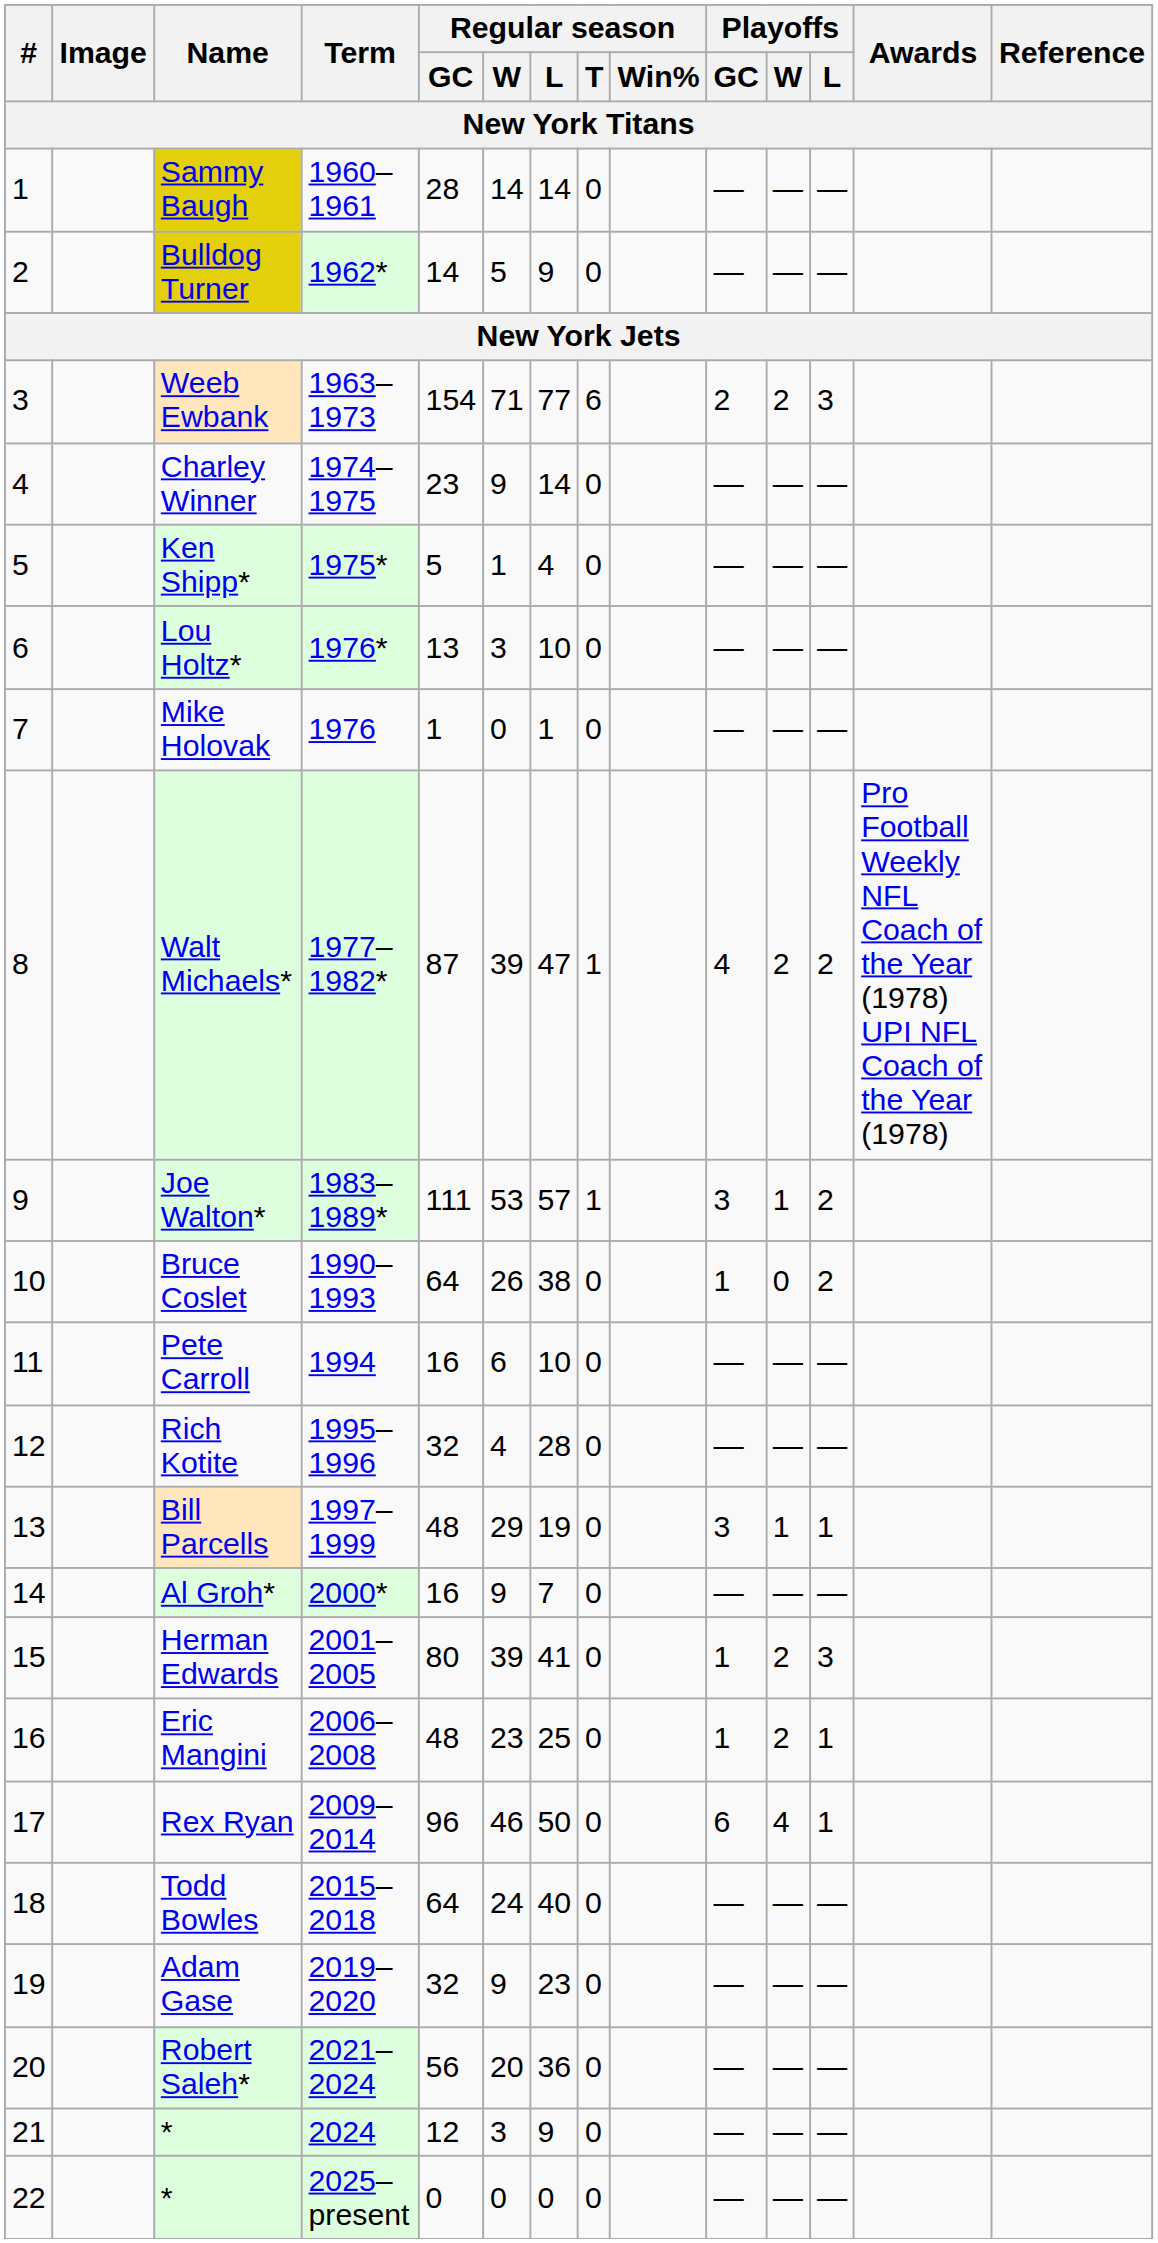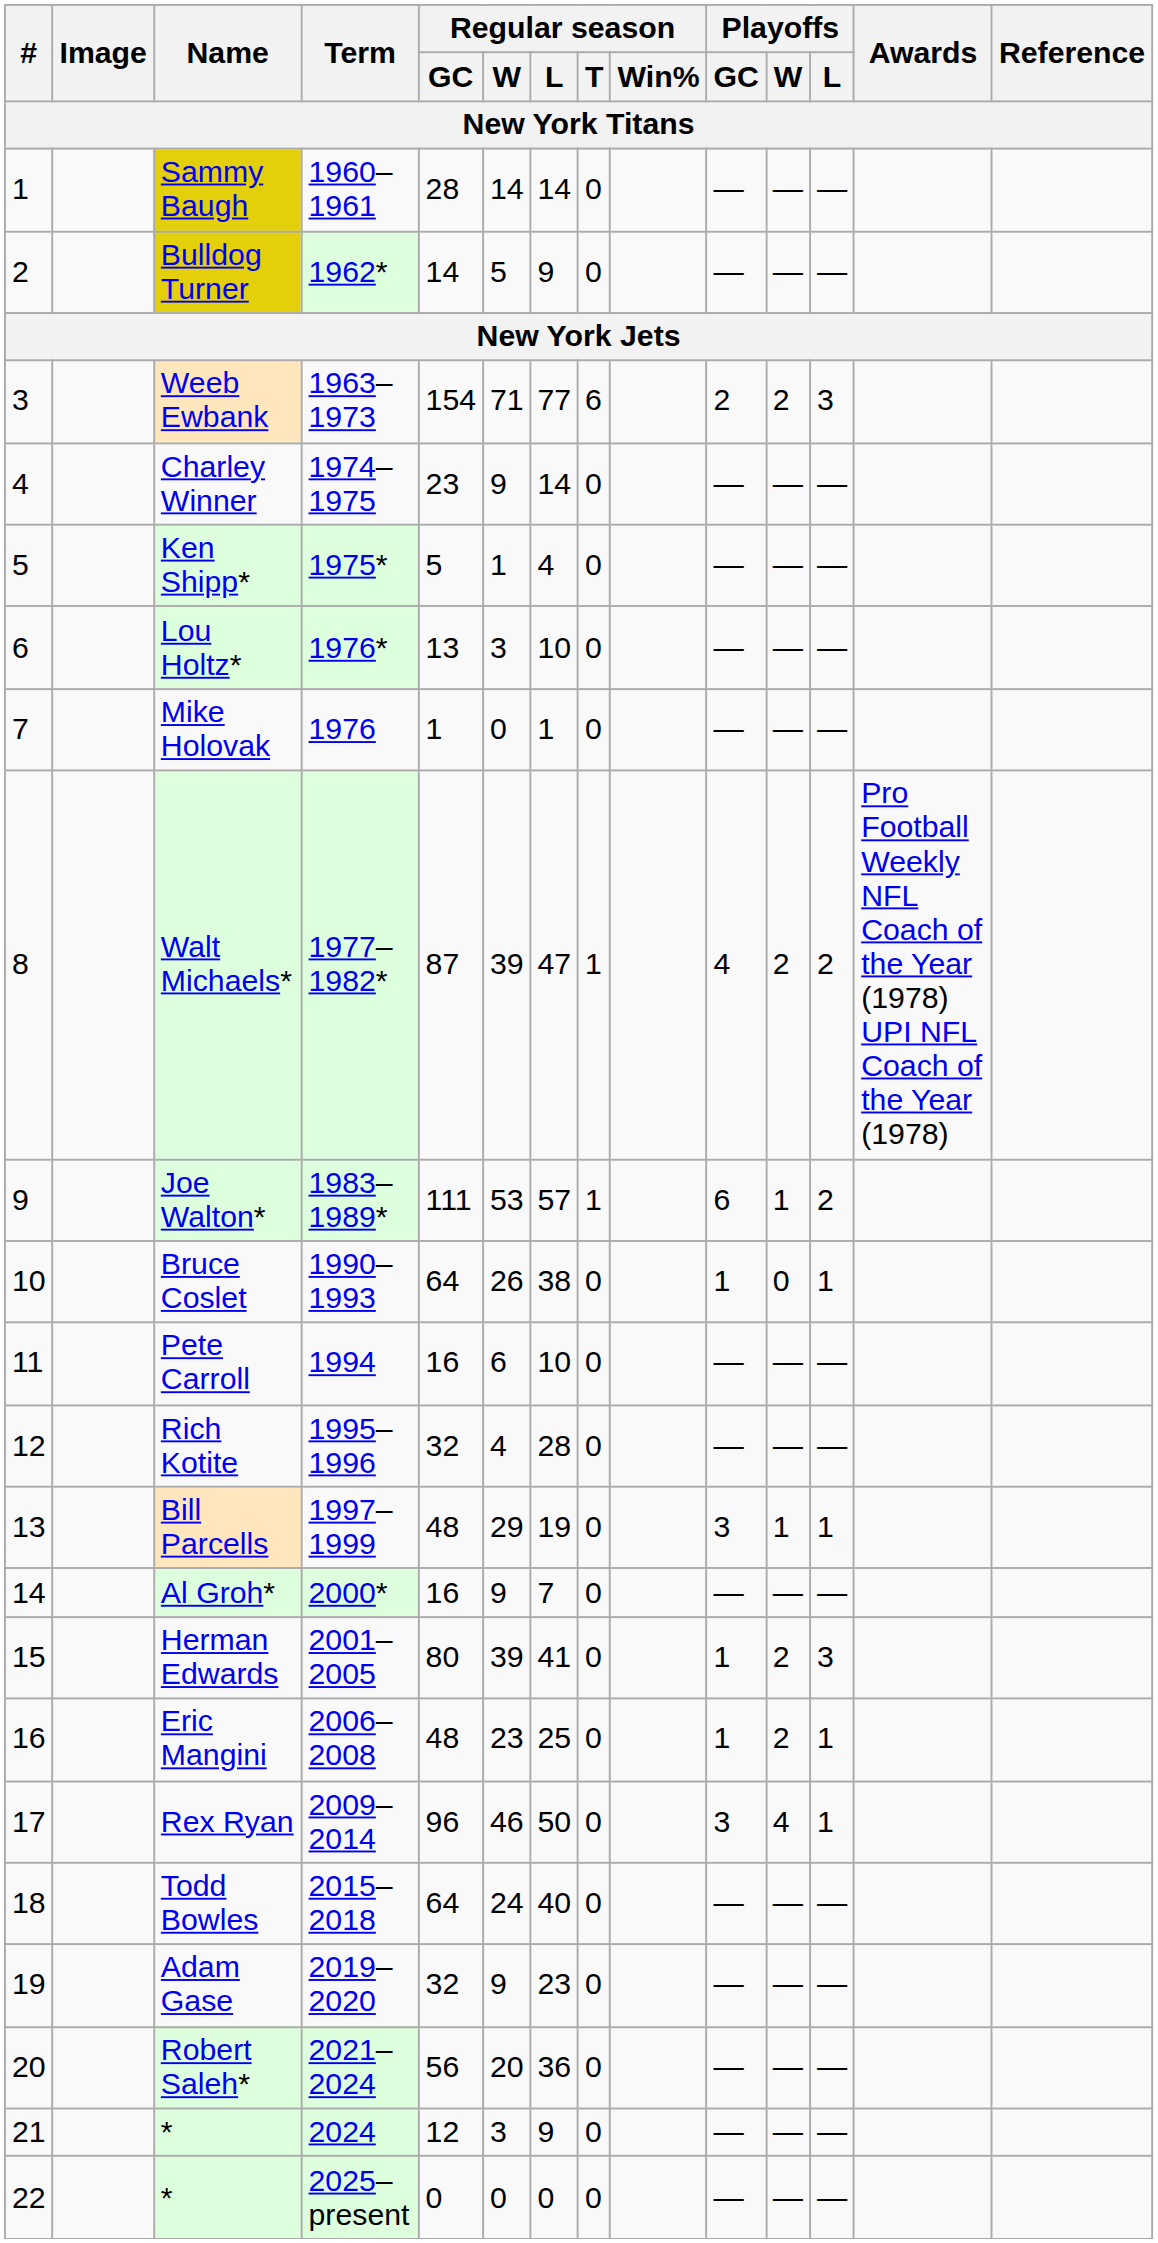 <table class="wikitable">
 <tr>
 <th rowspan="2">#</th>
 <th rowspan="2">Image</th>
 <th rowspan="2">Name</th>
 <th rowspan="2">Term</th>
 <th colspan="5">Regular season</th>
 <th colspan="3">Playoffs</th>
 <th rowspan="2">Awards</th>
 <th rowspan="2">Reference</th>
 </tr>
 <tr>
 <th>GC</th>
 <th>W</th>
 <th>L</th>
 <th>T</th>
 <th>Win%</th>
 <th>GC</th>
 <th>W</th>
 <th>L</th>
 </tr>
 <tr>
 <th colspan="19"><strong>New York Titans</strong></th>
 </tr>
 <tr>
 <td>1</td>
 <td></td>
 <td style="background-color:#E4D00A"><a href='#'>Sammy Baugh</a></td>
 <td><a href='#'>1960</a>–<a href='#'>1961</a></td>
 <td>28</td>
 <td>14</td>
 <td>14</td>
 <td>0</td>
 <td></td>
 <td>—</td>
 <td>—</td>
 <td>—</td>
 <td></td>
 <td align=center></td>
 </tr>
 <tr>
 <td>2</td>
 <td></td>
 <td style="background-color:#E4D00A"><a href='#'>Bulldog Turner</a></td>
 <td style="background-color:#ddffdd"><a href='#'>1962</a>*</td>
 <td>14</td>
 <td>5</td>
 <td>9</td>
 <td>0</td>
 <td></td>
 <td>—</td>
 <td>—</td>
 <td>—</td>
 <td></td>
 <td align=center></td>
 </tr>
 <tr>
 <th colspan="19"><strong>New York Jets</strong></th>
 </tr>
 <tr>
 <td>3</td>
 <td></td>
 <td bgcolor="#FFE6BD"><a href='#'>Weeb Ewbank</a></td>
 <td><a href='#'>1963</a>–<a href='#'>1973</a></td>
 <td>154</td>
 <td>71</td>
 <td>77</td>
 <td>6</td>
 <td></td>
 <td>2</td>
 <td>2</td>
 <td>3</td>
 <td></td>
 <td align=center></td>
 </tr>
 <tr>
 <td>4</td>
 <td></td>
 <td><a href='#'>Charley Winner</a></td>
 <td><a href='#'>1974</a>–<a href='#'>1975</a></td>
 <td>23</td>
 <td>9</td>
 <td>14</td>
 <td>0</td>
 <td></td>
 <td>—</td>
 <td>—</td>
 <td>—</td>
 <td></td>
 <td align=center></td>
 </tr>
 <tr>
 <td>5</td>
 <td></td>
 <td style="background-color:#ddffdd"><a href='#'>Ken Shipp</a>*</td>
 <td style="background-color:#ddffdd"><a href='#'>1975</a>*</td>
 <td>5</td>
 <td>1</td>
 <td>4</td>
 <td>0</td>
 <td></td>
 <td>—</td>
 <td>—</td>
 <td>—</td>
 <td></td>
 <td align=center></td>
 </tr>
 <tr>
 <td>6</td>
 <td></td>
 <td style="background-color:#ddffdd"><a href='#'>Lou Holtz</a>*</td>
 <td style="background-color:#ddffdd"><a href='#'>1976</a>*</td>
 <td>13</td>
 <td>3</td>
 <td>10</td>
 <td>0</td>
 <td></td>
 <td>—</td>
 <td>—</td>
 <td>—</td>
 <td></td>
 <td align=center></td>
 </tr>
 <tr>
 <td>7</td>
 <td></td>
 <td><a href='#'>Mike Holovak</a></td>
 <td><a href='#'>1976</a></td>
 <td>1</td>
 <td>0</td>
 <td>1</td>
 <td>0</td>
 <td></td>
 <td>—</td>
 <td>—</td>
 <td>—</td>
 <td></td>
 <td align=center></td>
 </tr>
 <tr>
 <td>8</td>
 <td></td>
 <td style="background-color:#ddffdd"><a href='#'>Walt Michaels</a>*</td>
 <td style="background-color:#ddffdd"><a href='#'>1977</a>–<a href='#'>1982</a>*</td>
 <td>87</td>
 <td>39</td>
 <td>47</td>
 <td>1</td>
 <td></td>
 <td>4</td>
 <td>2</td>
 <td>2</td>
 <td><a href='#'>Pro Football Weekly NFL Coach of the Year</a> (1978)<br><a href='#'>UPI NFL Coach of the Year</a> (1978)</td>
 <td align=center></td>
 </tr>
 <tr>
 <td>9</td>
 <td></td>
 <td style="background-color:#ddffdd"><a href='#'>Joe Walton</a>*</td>
 <td style="background-color:#ddffdd"><a href='#'>1983</a>–<a href='#'>1989</a>*</td>
 <td>111</td>
 <td>53</td>
 <td>57</td>
 <td>1</td>
 <td></td>
-<td>3</td>
+<td>6</td>
 <td>1</td>
 <td>2</td>
 <td></td>
 <td align=center></td>
 </tr>
 <tr>
 <td>10</td>
 <td></td>
 <td><a href='#'>Bruce Coslet</a></td>
 <td><a href='#'>1990</a>–<a href='#'>1993</a></td>
 <td>64</td>
 <td>26</td>
 <td>38</td>
 <td>0</td>
 <td></td>
 <td>1</td>
 <td>0</td>
-<td>2</td>
+<td>1</td>
 <td></td>
 <td align=center></td>
 </tr>
 <tr>
 <td>11</td>
 <td></td>
 <td><a href='#'>Pete Carroll</a></td>
 <td><a href='#'>1994</a></td>
 <td>16</td>
 <td>6</td>
 <td>10</td>
 <td>0</td>
 <td></td>
 <td>—</td>
 <td>—</td>
 <td>—</td>
 <td></td>
 <td align=center></td>
 </tr>
 <tr>
 <td>12</td>
 <td></td>
 <td><a href='#'>Rich Kotite</a></td>
 <td><a href='#'>1995</a>–<a href='#'>1996</a></td>
 <td>32</td>
 <td>4</td>
 <td>28</td>
 <td>0</td>
 <td></td>
 <td>—</td>
 <td>—</td>
 <td>—</td>
 <td></td>
 <td align=center></td>
 </tr>
 <tr>
 <td>13</td>
 <td></td>
 <td style="background-color:#FFE6BD"><a href='#'>Bill Parcells</a></td>
 <td><a href='#'>1997</a>–<a href='#'>1999</a></td>
 <td>48</td>
 <td>29</td>
 <td>19</td>
 <td>0</td>
 <td></td>
 <td>3</td>
 <td>1</td>
 <td>1</td>
 <td></td>
 <td align=center></td>
 </tr>
 <tr>
 <td>14</td>
 <td></td>
 <td style="background-color:#ddffdd"><a href='#'>Al Groh</a>*</td>
 <td style="background-color:#ddffdd"><a href='#'>2000</a>*</td>
 <td>16</td>
 <td>9</td>
 <td>7</td>
 <td>0</td>
 <td></td>
 <td>—</td>
 <td>—</td>
 <td>—</td>
 <td></td>
 <td align=center></td>
 </tr>
 <tr>
 <td>15</td>
 <td></td>
 <td><a href='#'>Herman Edwards</a></td>
 <td><a href='#'>2001</a>–<a href='#'>2005</a></td>
 <td>80</td>
 <td>39</td>
 <td>41</td>
 <td>0</td>
 <td></td>
 <td>1</td>
 <td>2</td>
 <td>3</td>
 <td></td>
 <td align=center></td>
 </tr>
 <tr>
 <td>16</td>
 <td></td>
 <td><a href='#'>Eric Mangini</a></td>
 <td><a href='#'>2006</a>–<a href='#'>2008</a></td>
 <td>48</td>
 <td>23</td>
 <td>25</td>
 <td>0</td>
 <td></td>
 <td>1</td>
 <td>2</td>
 <td>1</td>
 <td></td>
 <td align=center></td>
 </tr>
 <tr>
 <td>17</td>
 <td></td>
 <td><a href='#'>Rex Ryan</a></td>
 <td><a href='#'>2009</a>–<a href='#'>2014</a></td>
 <td>96</td>
 <td>46</td>
 <td>50</td>
 <td>0</td>
 <td></td>
-<td>6</td>
+<td>3</td>
 <td>4</td>
 <td>1</td>
 <td></td>
 <td align=center></td>
 </tr>
 <tr>
 <td>18</td>
 <td></td>
 <td><a href='#'>Todd Bowles</a></td>
 <td><a href='#'>2015</a>–<a href='#'>2018</a></td>
 <td>64</td>
 <td>24</td>
 <td>40</td>
 <td>0</td>
 <td></td>
 <td>—</td>
 <td>—</td>
 <td>—</td>
 <td></td>
 <td align=center></td>
 </tr>
 <tr>
 <td>19</td>
 <td></td>
 <td><a href='#'>Adam Gase</a></td>
 <td><a href='#'>2019</a>–<a href='#'>2020</a></td>
 <td>32</td>
 <td>9</td>
 <td>23</td>
 <td>0</td>
 <td></td>
 <td>—</td>
 <td>—</td>
 <td>—</td>
 <td></td>
 <td align=center></td>
 </tr>
 <tr>
 <td>20</td>
 <td></td>
 <td style="background-color:#ddffdd"><a href='#'>Robert Saleh</a>*</td>
 <td style="background-color:#ddffdd"><a href='#'>2021</a>–<a href='#'>2024</a></td>
 <td>56</td>
 <td>20</td>
 <td>36</td>
 <td>0</td>
 <td></td>
 <td>—</td>
 <td>—</td>
 <td>—</td>
 <td></td>
 <td align=center></td>
 </tr>
 <tr>
 <td>21</td>
 <td></td>
 <td style="background-color:#ddffdd">*</td>
 <td style="background-color:#ddffdd"><a href='#'>2024</a></td>
 <td>12</td>
 <td>3</td>
 <td>9</td>
 <td>0</td>
 <td></td>
 <td>—</td>
 <td>—</td>
 <td>—</td>
 <td></td>
 <td align=center></td>
 </tr>
 <tr>
 <td>22</td>
 <td></td>
 <td style="background-color:#ddffdd">*</td>
 <td style="background-color:#ddffdd"><a href='#'>2025</a>–present</td>
 <td>0</td>
 <td>0</td>
 <td>0</td>
 <td>0</td>
 <td></td>
 <td>—</td>
 <td>—</td>
 <td>—</td>
 <td></td>
 <td></td>
 </tr>
 </table>
